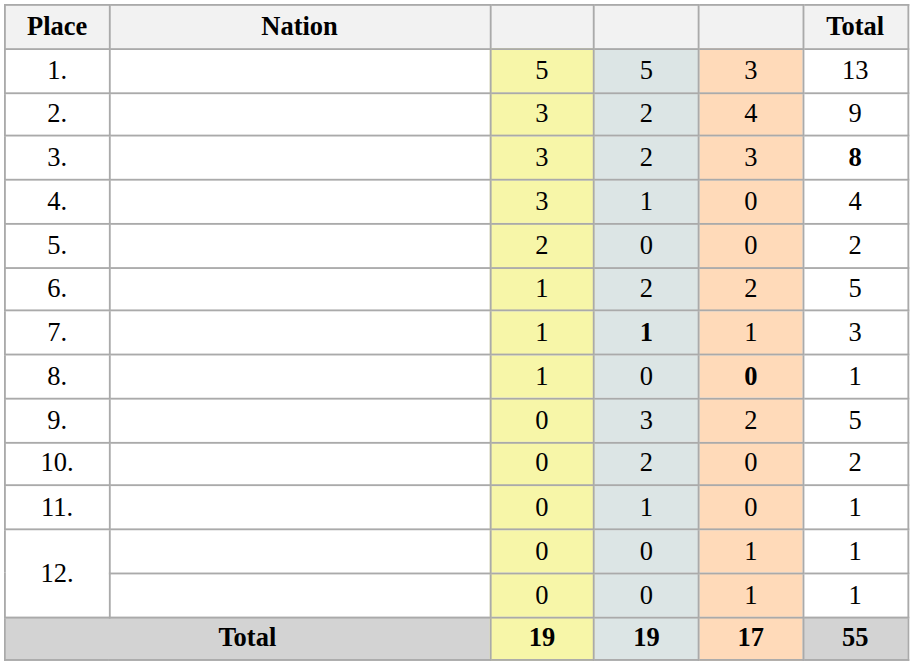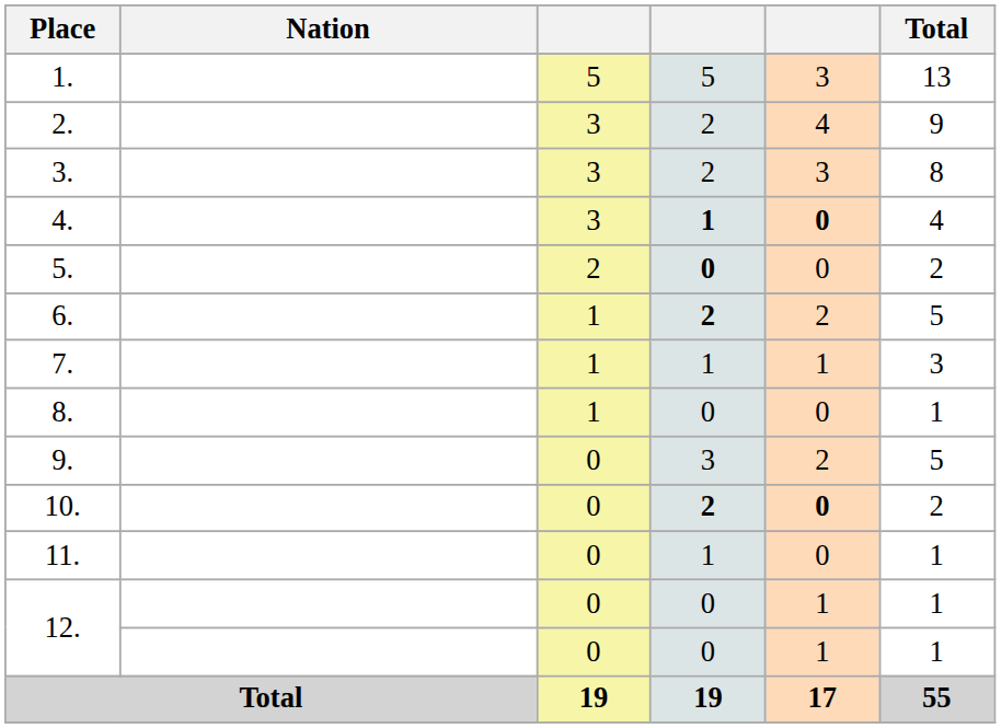 <table class=wikitable style="border:1px solid #AAAAAA;font-size:90%">
 <tr bgcolor="#EFEFEF">
 <th width=50>Place</th>
 <th width=200>Nation</th>
 <th width=50></th>
 <th width=50></th>
 <th width=50></th>
 <th width=50>Total</th>
 </tr>
 <tr align=center bgcolor="#FFFFFF">
 <td>1.</td>
 <td align="left"></td>
 <td style="background:#F7F6A8;">5</td>
 <td style="background:#DCE5E5;">5</td>
 <td style="background:#FFDAB9;">3</td>
 <td>13</td>
 </tr>
 <tr align=center bgcolor="#FFFFFF">
 <td>2.</td>
 <td align="left"></td>
 <td style="background:#F7F6A8;">3</td>
 <td style="background:#DCE5E5;">2</td>
 <td style="background:#FFDAB9;">4</td>
 <td>9</td>
 </tr>
 <tr align=center bgcolor="#FFFFFF">
 <td>3.</td>
 <td align="left"></td>
 <td style="background:#F7F6A8;">3</td>
 <td style="background:#DCE5E5;">2</td>
 <td style="background:#FFDAB9;">3</td>
-<td><strong>8</strong></td>
+<td>8</td>
 </tr>
 <tr align=center bgcolor="#FFFFFF">
 <td>4.</td>
 <td align="left"></td>
 <td style="background:#F7F6A8;">3</td>
-<td style="background:#DCE5E5;">1</td>
-<td style="background:#FFDAB9;">0</td>
+<td style="background:#DCE5E5;"><strong>1</strong></td>
+<td style="background:#FFDAB9;"><strong>0</strong></td>
 <td>4</td>
 </tr>
 <tr align=center bgcolor="#FFFFFF">
 <td>5.</td>
 <td align="left"></td>
 <td style="background:#F7F6A8;">2</td>
-<td style="background:#DCE5E5;">0</td>
+<td style="background:#DCE5E5;"><strong>0</strong></td>
 <td style="background:#FFDAB9;">0</td>
 <td>2</td>
 </tr>
 <tr align=center bgcolor="#FFFFFF">
 <td>6.</td>
 <td align="left"></td>
 <td style="background:#F7F6A8;">1</td>
-<td style="background:#DCE5E5;">2</td>
+<td style="background:#DCE5E5;"><strong>2</strong></td>
 <td style="background:#FFDAB9;">2</td>
 <td>5</td>
 </tr>
 <tr align=center bgcolor="#FFFFFF">
 <td>7.</td>
 <td align="left"></td>
 <td style="background:#F7F6A8;">1</td>
-<td style="background:#DCE5E5;"><strong>1</strong></td>
+<td style="background:#DCE5E5;">1</td>
 <td style="background:#FFDAB9;">1</td>
 <td>3</td>
 </tr>
 <tr align=center bgcolor="#FFFFFF">
 <td>8.</td>
 <td align="left"></td>
 <td style="background:#F7F6A8;">1</td>
 <td style="background:#DCE5E5;">0</td>
-<td style="background:#FFDAB9;"><strong>0</strong></td>
+<td style="background:#FFDAB9;">0</td>
 <td>1</td>
 </tr>
 <tr align=center bgcolor="#FFFFFF">
 <td>9.</td>
 <td align="left"></td>
 <td style="background:#F7F6A8;">0</td>
 <td style="background:#DCE5E5;">3</td>
 <td style="background:#FFDAB9;">2</td>
 <td>5</td>
 </tr>
 <tr align=center bgcolor="#FFFFFF">
 <td>10.</td>
 <td align="left"></td>
 <td style="background:#F7F6A8;">0</td>
-<td style="background:#DCE5E5;">2</td>
-<td style="background:#FFDAB9;">0</td>
+<td style="background:#DCE5E5;"><strong>2</strong></td>
+<td style="background:#FFDAB9;"><strong>0</strong></td>
 <td>2</td>
 </tr>
 <tr align=center bgcolor="#FFFFFF">
 <td>11.</td>
 <td align="left"></td>
 <td style="background:#F7F6A8;">0</td>
 <td style="background:#DCE5E5;">1</td>
 <td style="background:#FFDAB9;">0</td>
 <td>1</td>
 </tr>
 <tr align=center bgcolor="#FFFFFF">
 <td rowspan="2" valign="center">12.</td>
 <td align="left"></td>
 <td style="background:#F7F6A8;">0</td>
 <td style="background:#DCE5E5;">0</td>
 <td style="background:#FFDAB9;">1</td>
 <td>1</td>
 </tr>
 <tr align="center" valign="top" bgcolor="#FFFFFF">
 <td align="left"></td>
 <td style="background:#F7F6A8;">0</td>
 <td style="background:#DCE5E5;">0</td>
 <td style="background:#FFDAB9;">1</td>
 <td>1</td>
 </tr>
 <tr align="center">
 <td colspan="2" bgcolor=D3D3D3><strong>Total</strong></td>
 <td style="background:#F7F6A8;"><strong>19</strong></td>
 <td style="background:#DCE5E5;"><strong>19</strong></td>
 <td style="background:#FFDAB9;"><strong>17</strong></td>
 <td bgcolor=D3D3D3><strong>55</strong></td>
 </tr>
 </table>
